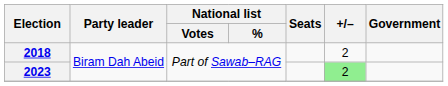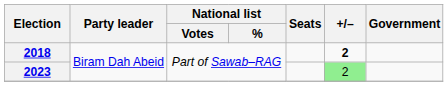 <table class="wikitable" style="text-align:right;font-size:95%;">
 <tr>
 <th rowspan="2" width="75">Election</th>
 <th rowspan="2">Party leader</th>
 <th colspan="2">National list</th>
 <th rowspan="2">Seats</th>
 <th rowspan="2" width="45">+/–</th>
 <th rowspan="2">Government</th>
 </tr>
 <tr>
 <th width="70">Votes</th>
 <th width="65">%</th>
 </tr>
 <tr>
 <th><a href='#'>2018</a></th>
 <td rowspan="2" align="left"><a href='#'>Biram Dah Abeid</a></td>
 <td rowspan="2" colspan="2" align="center"><em>Part of <a href='#'>Sawab–RAG</a></em></td>
 <td></td>
-<td style="text-align:center;"> 2</td>
+<td style="text-align:center;"><strong> 2</strong></td>
 <td></td>
 </tr>
 <tr>
 <th><a href='#'>2023</a></th>
 <td></td>
 <td style="background: lightgreen; text-align:center;"> 2</td>
 <td></td>
 </tr>
 <tr>
 </tr>
 </table>
